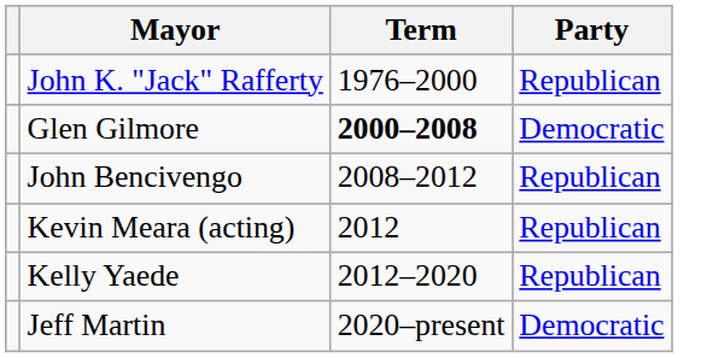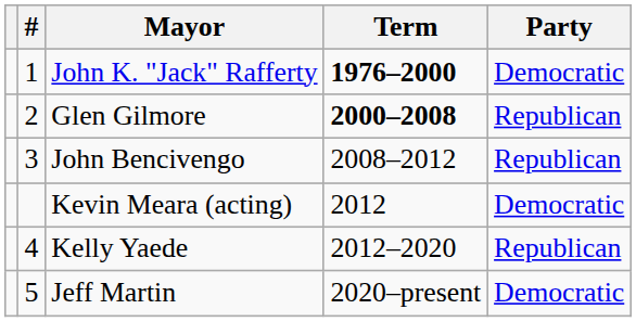 <table class="wikitable">
 <tr>
 <th></th>
+<th>#</th>
 <th>Mayor</th>
 <th>Term</th>
 <th>Party</th>
 </tr>
 <tr>
 <td style="background-color:"></td>
+<td>1</td>
 <td><a href='#'>John K. "Jack" Rafferty</a></td>
-<td>1976–2000</td>
+<td><strong>1976–2000</strong></td>
+<td><a href='#'>Democratic</a></td>
+</tr>
+<tr>
+<td style="background-color:"></td>
+<td>2</td>
+<td>Glen Gilmore</td>
+<td><strong>2000–2008</strong></td>
 <td><a href='#'>Republican</a></td>
 </tr>
 <tr>
 <td style="background-color:"></td>
-<td>Glen Gilmore</td>
-<td><strong>2000–2008</strong></td>
-<td><a href='#'>Democratic</a></td>
-</tr>
-<tr>
-<td style="background-color:"></td>
+<td>3</td>
 <td>John Bencivengo</td>
 <td>2008–2012</td>
 <td><a href='#'>Republican</a></td>
 </tr>
 <tr>
 <td style="background-color:"></td>
+<td></td>
 <td>Kevin Meara (acting)</td>
 <td>2012</td>
-<td><a href='#'>Republican</a></td>
+<td><a href='#'>Democratic</a></td>
 </tr>
 <tr>
 <td style="background-color:"></td>
+<td>4</td>
 <td>Kelly Yaede</td>
 <td>2012–2020</td>
 <td><a href='#'>Republican</a></td>
 </tr>
 <tr>
 <td style="background-color:"></td>
+<td>5</td>
 <td>Jeff Martin</td>
 <td>2020–present</td>
 <td><a href='#'>Democratic</a></td>
 </tr>
 </table>
